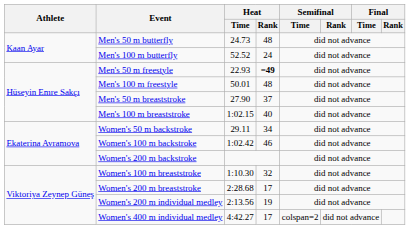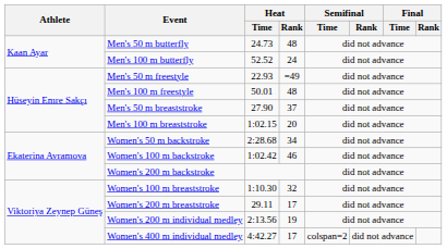 <table class=wikitable style="font-size:90%">
 <tr>
 <th rowspan="2">Athlete</th>
 <th rowspan="2">Event</th>
 <th colspan="2">Heat</th>
 <th colspan="2">Semifinal</th>
 <th colspan="2">Final</th>
 </tr>
 <tr style="font-size:95%">
 <th>Time</th>
 <th>Rank</th>
 <th>Time</th>
 <th>Rank</th>
 <th>Time</th>
 <th>Rank</th>
 </tr>
 <tr align=center>
 <td align=left rowspan=2><a href='#'>Kaan Ayar</a></td>
 <td align=left><a href='#'>Men's 50 m butterfly</a></td>
 <td>24.73</td>
 <td>48</td>
 <td colspan=4>did not advance</td>
 </tr>
 <tr align=center>
 <td align=left><a href='#'>Men's 100 m butterfly</a></td>
 <td>52.52</td>
 <td>24</td>
 <td colspan=4>did not advance</td>
 </tr>
 <tr align=center>
 <td align=left rowspan=4><a href='#'>Hüseyin Emre Sakçı</a></td>
 <td align=left><a href='#'>Men's 50 m freestyle</a></td>
 <td>22.93</td>
-<td><strong>=49</strong></td>
+<td>=49</td>
 <td colspan=4>did not advance</td>
 </tr>
 <tr align=center>
 <td align=left><a href='#'>Men's 100 m freestyle</a></td>
 <td>50.01</td>
 <td>48</td>
 <td colspan=4>did not advance</td>
 </tr>
 <tr align=center>
 <td align=left><a href='#'>Men's 50 m breaststroke</a></td>
 <td>27.90</td>
 <td>37</td>
 <td colspan=4>did not advance</td>
 </tr>
 <tr align=center>
 <td align=left><a href='#'>Men's 100 m breaststroke</a></td>
 <td>1:02.15</td>
-<td>40</td>
+<td>20</td>
 <td colspan=4>did not advance</td>
 </tr>
 <tr align=center>
 <td align=left rowspan=3><a href='#'>Ekaterina Avramova</a></td>
 <td align=left><a href='#'>Women's 50 m backstroke</a></td>
-<td>29.11</td>
+<td>2:28.68</td>
 <td>34</td>
 <td colspan=4>did not advance</td>
 </tr>
 <tr align=center>
 <td align=left><a href='#'>Women's 100 m backstroke</a></td>
 <td>1:02.42</td>
 <td>46</td>
 <td colspan=4>did not advance</td>
 </tr>
 <tr align=center>
 <td align=left><a href='#'>Women's 200 m backstroke</a></td>
 <td colspan=2></td>
 <td colspan=4>did not advance</td>
 </tr>
 <tr align=center>
 <td align=left rowspan=4><a href='#'>Viktoriya Zeynep Güneş</a></td>
 <td align=left><a href='#'>Women's 100 m breaststroke</a></td>
 <td>1:10.30</td>
 <td>32</td>
 <td colspan=4>did not advance</td>
 </tr>
 <tr align=center>
 <td align=left><a href='#'>Women's 200 m breaststroke</a></td>
-<td>2:28.68</td>
+<td>29.11</td>
 <td>17</td>
 <td colspan=4>did not advance</td>
 </tr>
 <tr align=center>
 <td align=left><a href='#'>Women's 200 m individual medley</a></td>
 <td>2:13.56</td>
 <td>19</td>
 <td colspan=4>did not advance</td>
 </tr>
 <tr align=center>
 <td align=left><a href='#'>Women's 400 m individual medley</a></td>
 <td>4:42.27</td>
 <td>17</td>
 <td>colspan=2 </td>
 <td colspan=2>did not advance</td>
 </tr>
 </table>
